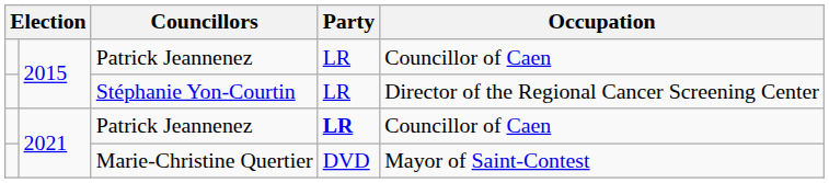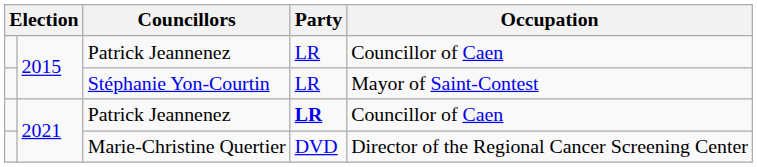 <table class="wikitable">
 <tr>
 <th colspan="2">Election</th>
 <th>Councillors</th>
 <th>Party</th>
 <th>Occupation</th>
 </tr>
 <tr>
 <td style="background-color: "></td>
 <td rowspan="2"><a href='#'>2015</a></td>
 <td>Patrick Jeannenez</td>
 <td><a href='#'>LR</a></td>
 <td>Councillor of <a href='#'>Caen</a></td>
 </tr>
 <tr>
 <td style="background-color: "></td>
 <td><a href='#'>Stéphanie Yon-Courtin</a></td>
 <td><a href='#'>LR</a></td>
-<td>Director of the Regional Cancer Screening Center</td>
+<td>Mayor of <a href='#'>Saint-Contest</a></td>
 </tr>
 <tr>
 <td style="background-color: "></td>
 <td rowspan="2"><a href='#'>2021</a></td>
 <td>Patrick Jeannenez</td>
 <td><strong><a href='#'>LR</a></strong></td>
 <td>Councillor of <a href='#'>Caen</a></td>
 </tr>
 <tr>
 <td style="background-color: "></td>
 <td>Marie-Christine Quertier</td>
 <td><a href='#'>DVD</a></td>
-<td>Mayor of <a href='#'>Saint-Contest</a></td>
+<td>Director of the Regional Cancer Screening Center</td>
 </tr>
 </table>
